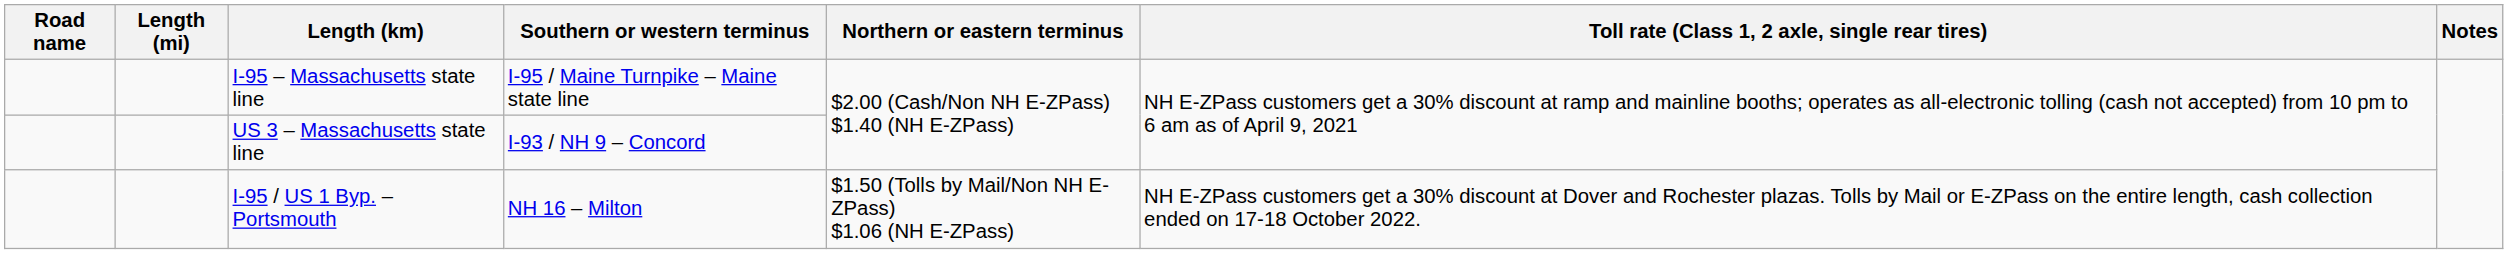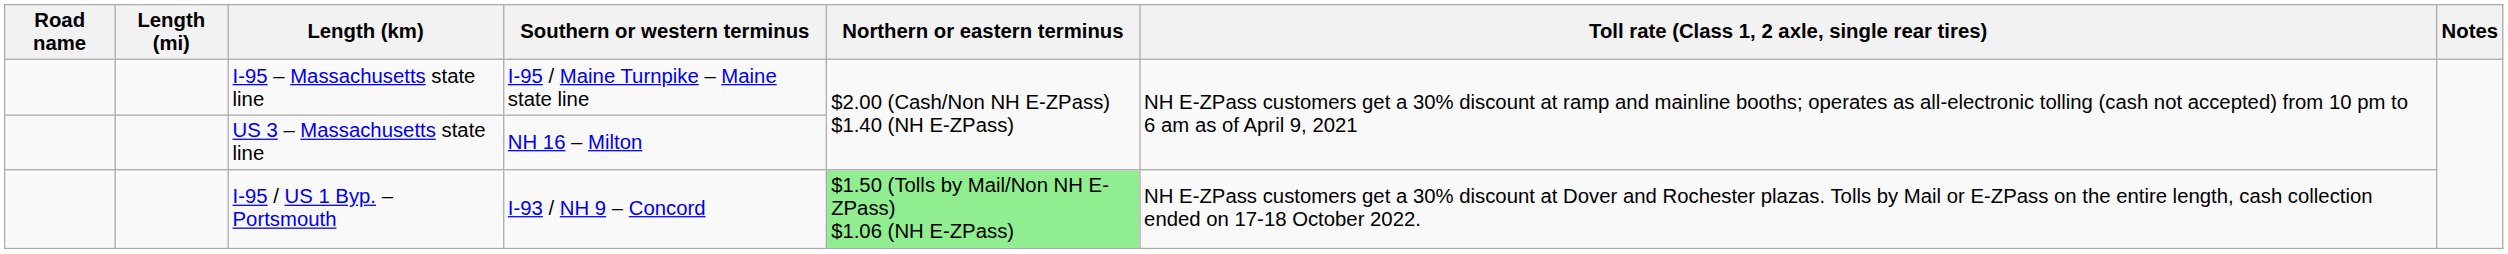 <table class=wikitable>
 <tr>
 <th scope=col>Road name</th>
 <th scope=col>Length (mi)</th>
 <th scope=col>Length (km)</th>
 <th scope=col>Southern or western terminus</th>
 <th scope=col>Northern or eastern terminus</th>
 <th scope=col>Toll rate (Class 1, 2 axle, single rear tires)</th>
 <th scope=col>Notes</th>
 </tr>
 <tr>
 <td></td>
 <td></td>
 <td><a href='#'>I-95</a> – <a href='#'>Massachusetts</a> state line</td>
 <td><a href='#'>I-95</a> / <a href='#'>Maine Turnpike</a> – <a href='#'>Maine</a> state line</td>
 <td rowspan="2">$2.00 (Cash/Non NH E-ZPass)<br>$1.40 (NH E-ZPass)</td>
 <td rowspan="2">NH E-ZPass customers get a 30% discount at ramp and mainline booths; operates as all-electronic tolling (cash not accepted) from 10 pm to 6 am as of April 9, 2021</td>
 </tr>
 <tr>
 <td></td>
 <td></td>
 <td><a href='#'>US 3</a> – <a href='#'>Massachusetts</a> state line</td>
-<td><a href='#'>I-93</a> / <a href='#'>NH 9</a> – <a href='#'>Concord</a></td>
+<td><a href='#'>NH 16</a> – <a href='#'>Milton</a></td>
 </tr>
 <tr>
 <td></td>
 <td></td>
 <td><a href='#'>I-95</a> / <a href='#'>US 1 Byp.</a> – <a href='#'>Portsmouth</a></td>
-<td><a href='#'>NH 16</a> – <a href='#'>Milton</a></td>
-<td>$1.50 (Tolls by Mail/Non NH E-ZPass)<br>$1.06 (NH E-ZPass)</td>
+<td><a href='#'>I-93</a> / <a href='#'>NH 9</a> – <a href='#'>Concord</a></td>
+<td style="background: lightgreen;">$1.50 (Tolls by Mail/Non NH E-ZPass)<br>$1.06 (NH E-ZPass)</td>
 <td>NH E-ZPass customers get a 30% discount at Dover and Rochester plazas. Tolls by Mail or E-ZPass on the entire length, cash collection ended on 17-18 October 2022.</td>
 </tr>
 </table>
